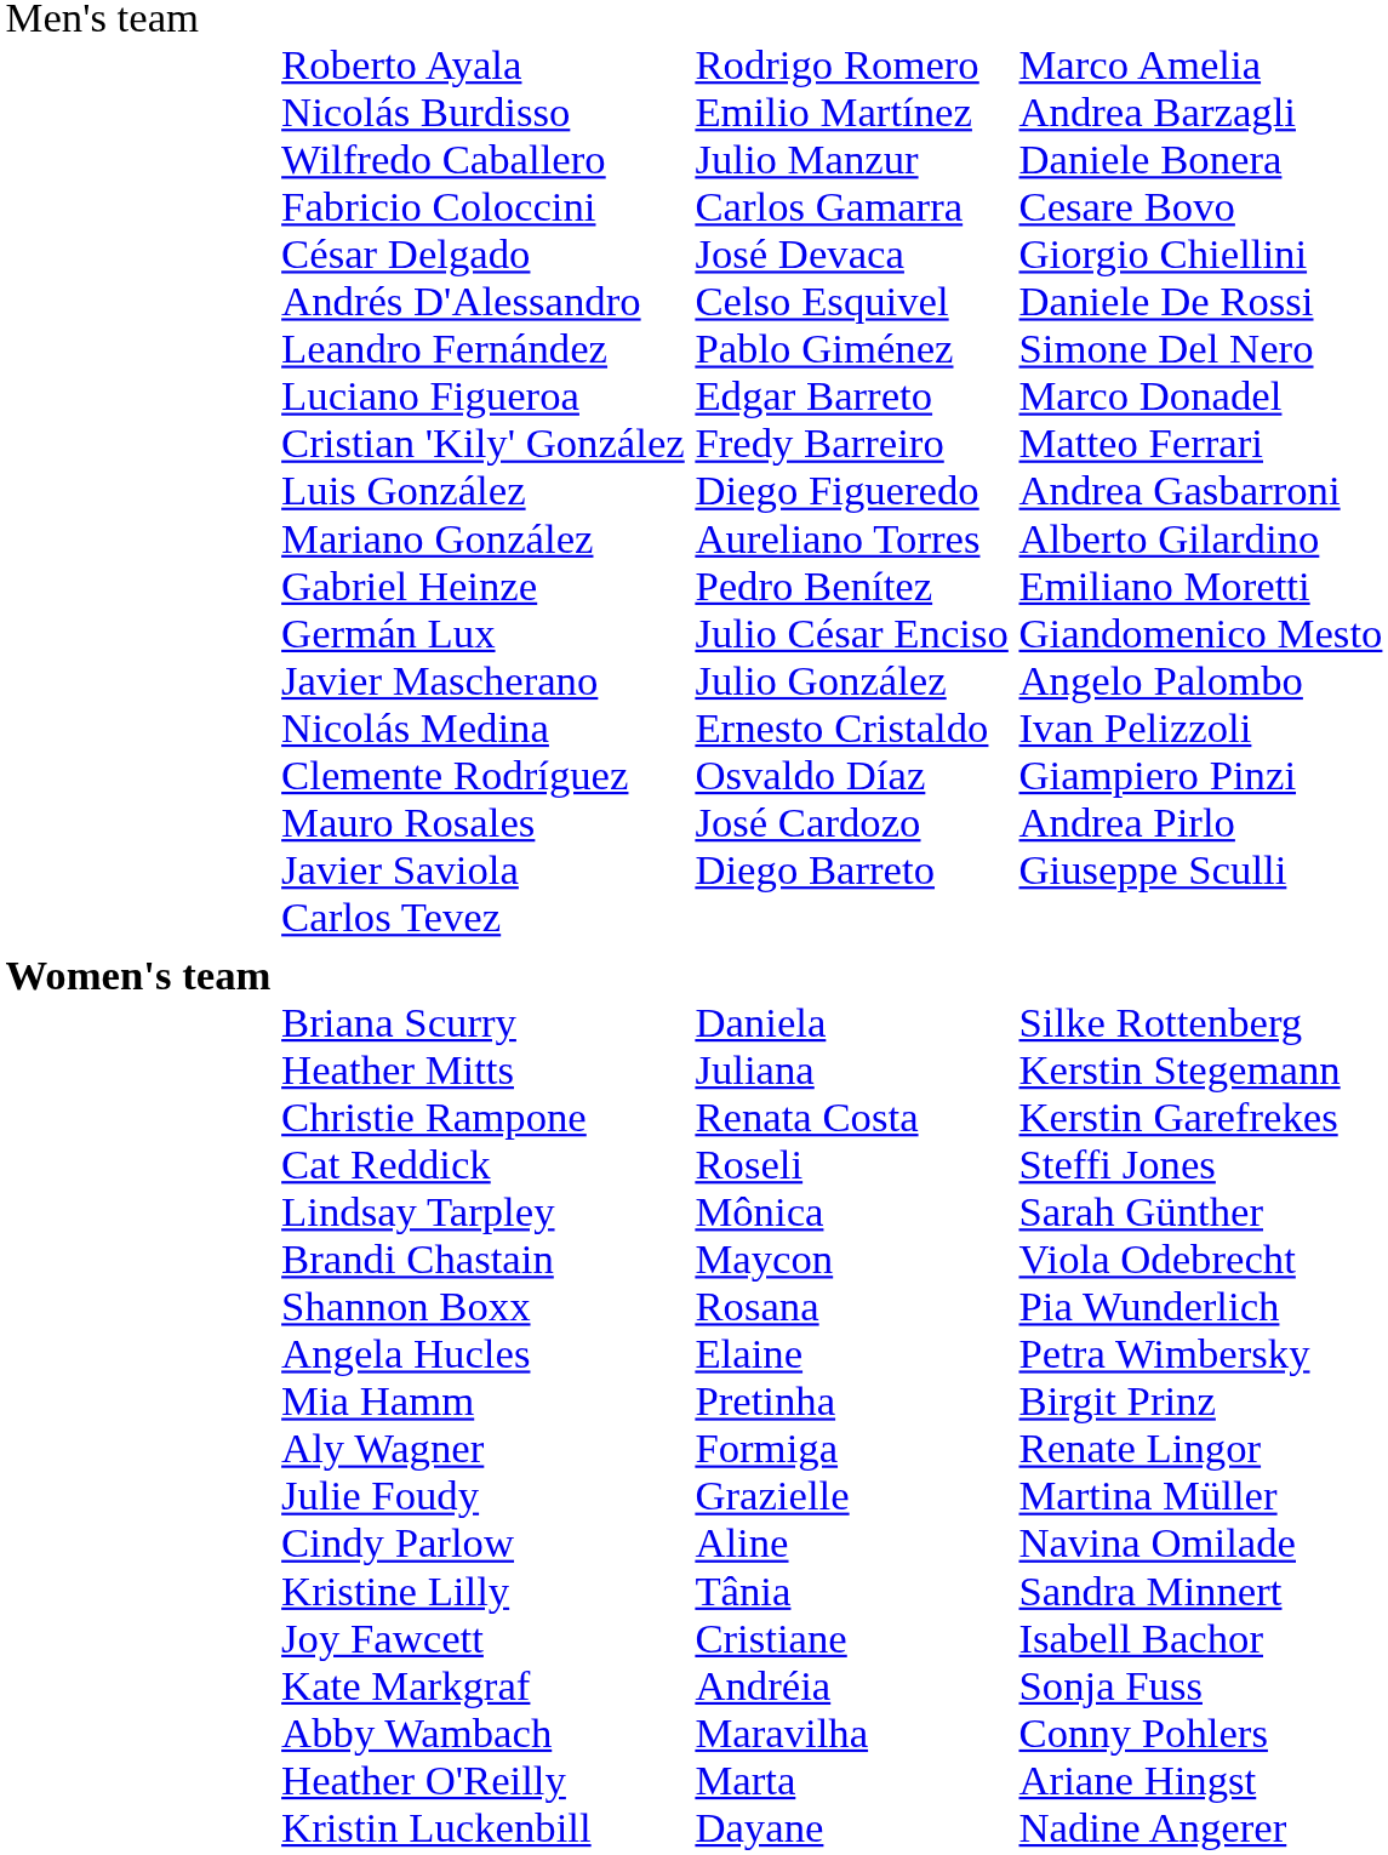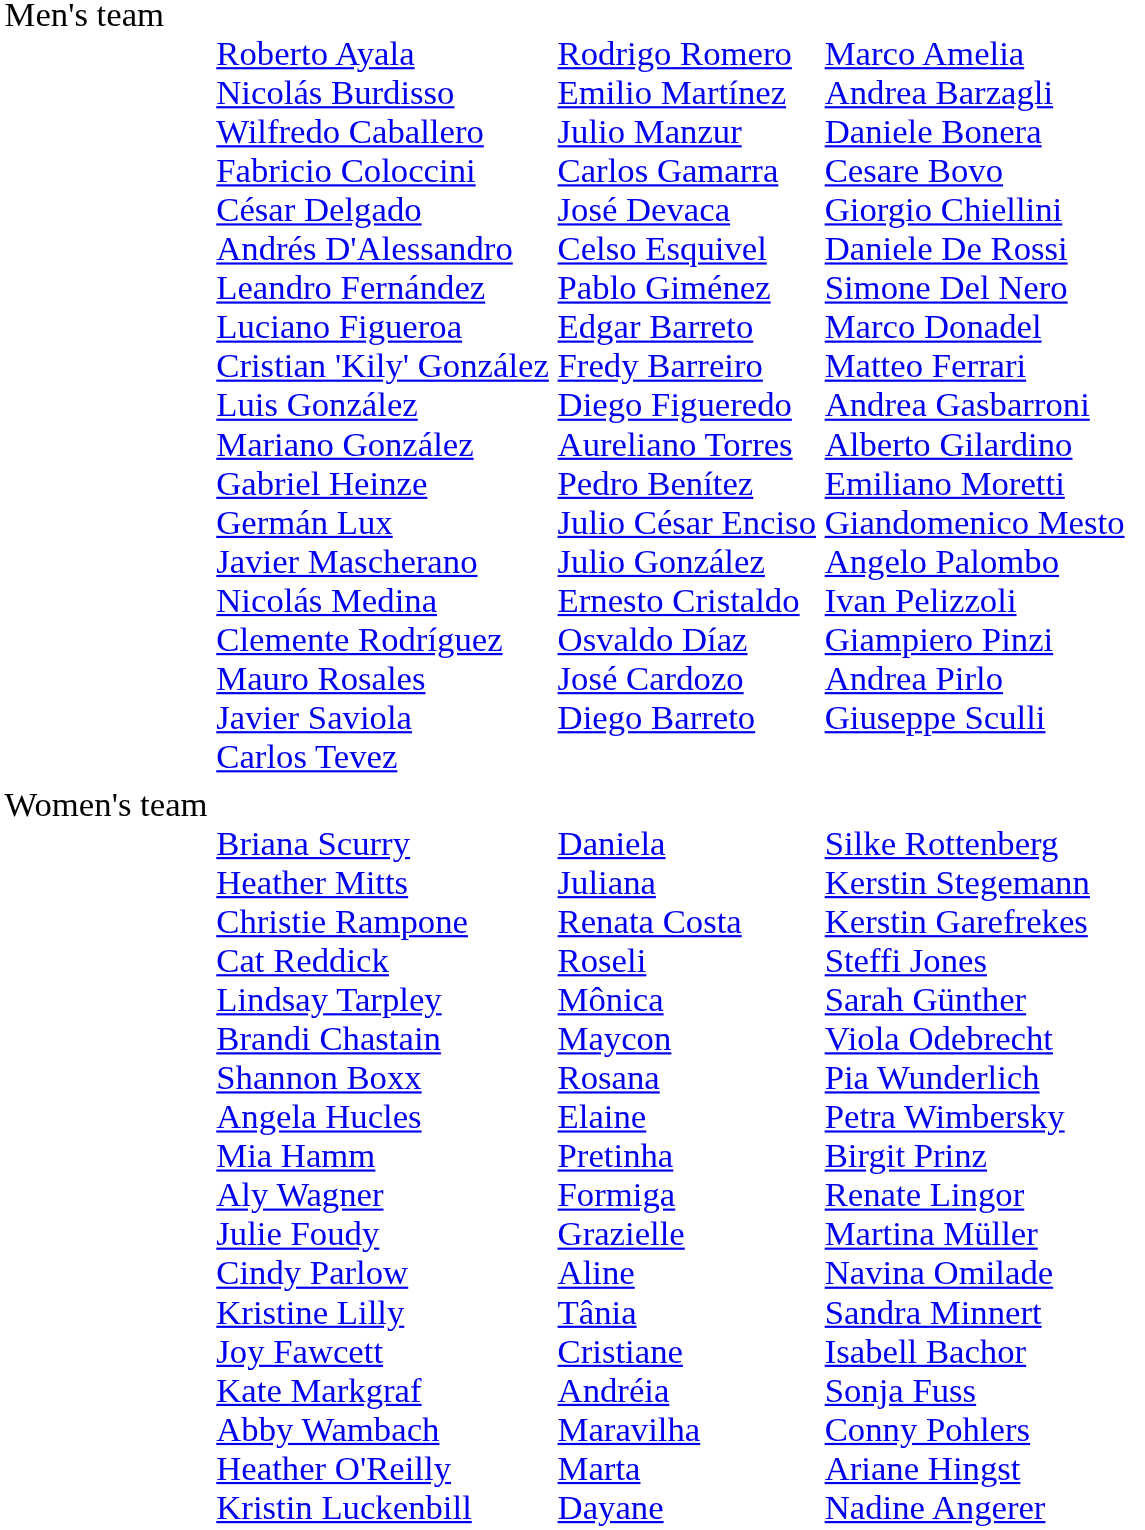 <table>
 <tr valign="top">
 <td>Men's team<br></td>
 <td><br><a href='#'>Roberto Ayala</a><br><a href='#'>Nicolás Burdisso</a><br><a href='#'>Wilfredo Caballero</a><br><a href='#'>Fabricio Coloccini</a><br><a href='#'>César Delgado</a><br><a href='#'>Andrés D'Alessandro</a><br><a href='#'>Leandro Fernández</a><br><a href='#'>Luciano Figueroa</a><br><a href='#'>Cristian 'Kily' González</a><br><a href='#'>Luis González</a><br><a href='#'>Mariano González</a><br><a href='#'>Gabriel Heinze</a><br><a href='#'>Germán Lux</a><br><a href='#'>Javier Mascherano</a><br><a href='#'>Nicolás Medina</a><br><a href='#'>Clemente Rodríguez</a><br><a href='#'>Mauro Rosales</a><br><a href='#'>Javier Saviola</a><br><a href='#'>Carlos Tevez</a></td>
 <td><br><a href='#'>Rodrigo Romero</a><br><a href='#'>Emilio Martínez</a><br><a href='#'>Julio Manzur</a><br><a href='#'>Carlos Gamarra</a><br><a href='#'>José Devaca</a><br><a href='#'>Celso Esquivel</a><br><a href='#'>Pablo Giménez</a><br><a href='#'>Edgar Barreto</a><br><a href='#'>Fredy Barreiro</a><br><a href='#'>Diego Figueredo</a><br><a href='#'>Aureliano Torres</a><br><a href='#'>Pedro Benítez</a><br><a href='#'>Julio César Enciso</a><br><a href='#'>Julio González</a><br><a href='#'>Ernesto Cristaldo</a><br><a href='#'>Osvaldo Díaz</a><br><a href='#'>José Cardozo</a><br><a href='#'>Diego Barreto</a></td>
 <td><br><a href='#'>Marco Amelia</a><br><a href='#'>Andrea Barzagli</a><br><a href='#'>Daniele Bonera</a><br><a href='#'>Cesare Bovo</a><br><a href='#'>Giorgio Chiellini</a><br><a href='#'>Daniele De Rossi</a><br><a href='#'>Simone Del Nero</a><br><a href='#'>Marco Donadel</a><br><a href='#'>Matteo Ferrari</a><br><a href='#'>Andrea Gasbarroni</a><br><a href='#'>Alberto Gilardino</a><br><a href='#'>Emiliano Moretti</a><br><a href='#'>Giandomenico Mesto</a><br><a href='#'>Angelo Palombo</a><br><a href='#'>Ivan Pelizzoli</a><br><a href='#'>Giampiero Pinzi</a><br><a href='#'>Andrea Pirlo</a><br><a href='#'>Giuseppe Sculli</a></td>
 </tr>
 <tr valign="top">
-<td><strong>Women's team<br></strong></td>
+<td>Women's team<br></td>
 <td><br><a href='#'>Briana Scurry</a><br><a href='#'>Heather Mitts</a><br><a href='#'>Christie Rampone</a><br><a href='#'>Cat Reddick</a><br><a href='#'>Lindsay Tarpley</a><br><a href='#'>Brandi Chastain</a><br><a href='#'>Shannon Boxx</a><br><a href='#'>Angela Hucles</a><br><a href='#'>Mia Hamm</a><br><a href='#'>Aly Wagner</a><br><a href='#'>Julie Foudy</a><br><a href='#'>Cindy Parlow</a><br><a href='#'>Kristine Lilly</a><br><a href='#'>Joy Fawcett</a><br><a href='#'>Kate Markgraf</a><br><a href='#'>Abby Wambach</a><br><a href='#'>Heather O'Reilly</a><br><a href='#'>Kristin Luckenbill</a><br></td>
 <td><br><a href='#'>Daniela</a><br><a href='#'>Juliana</a><br><a href='#'>Renata Costa</a><br><a href='#'>Roseli</a><br><a href='#'>Mônica</a><br><a href='#'>Maycon</a><br><a href='#'>Rosana</a><br><a href='#'>Elaine</a><br><a href='#'>Pretinha</a><br><a href='#'>Formiga</a><br><a href='#'>Grazielle</a><br><a href='#'>Aline</a><br><a href='#'>Tânia</a><br><a href='#'>Cristiane</a><br><a href='#'>Andréia</a><br><a href='#'>Maravilha</a><br><a href='#'>Marta</a><br><a href='#'>Dayane</a><br></td>
 <td><br><a href='#'>Silke Rottenberg</a><br><a href='#'>Kerstin Stegemann</a><br><a href='#'>Kerstin Garefrekes</a><br><a href='#'>Steffi Jones</a><br><a href='#'>Sarah Günther</a><br><a href='#'>Viola Odebrecht</a><br><a href='#'>Pia Wunderlich</a><br><a href='#'>Petra Wimbersky</a><br><a href='#'>Birgit Prinz</a><br><a href='#'>Renate Lingor</a><br><a href='#'>Martina Müller</a><br><a href='#'>Navina Omilade</a><br><a href='#'>Sandra Minnert</a><br><a href='#'>Isabell Bachor</a><br><a href='#'>Sonja Fuss</a><br><a href='#'>Conny Pohlers</a><br><a href='#'>Ariane Hingst</a><br><a href='#'>Nadine Angerer</a></td>
 </tr>
 </table>
